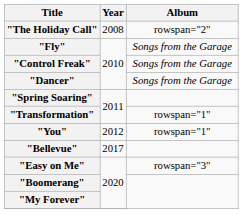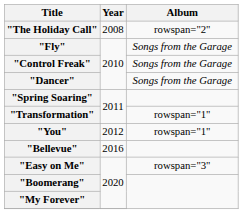 <table class="wikitable plainrowheaders" style="text-align: center">
 <tr>
 <th scope="col">Title</th>
 <th scope="col">Year</th>
 <th scope="col" style="width:160px;">Album</th>
 </tr>
 <tr>
 <th scope="row">"The Holiday Call"</th>
 <td>2008</td>
 <td>rowspan="2" </td>
 </tr>
 <tr>
 <th scope="row">"Fly"</th>
 <td rowspan="3">2010</td>
 <td rowspan="1"><em>Songs from the Garage</em></td>
 </tr>
 <tr>
 <th scope="row">"Control Freak"<br></th>
 <td rowspan="1"><em>Songs from the Garage</em></td>
 </tr>
 <tr>
 <th scope="row">"Dancer"</th>
 <td rowspan="1"><em>Songs from the Garage</em></td>
 </tr>
 <tr>
 <th scope="row">"Spring Soaring"</th>
 <td rowspan="2">2011</td>
 <td></td>
 </tr>
 <tr>
 <th scope="row">"Transformation"</th>
 <td>rowspan="1" </td>
 </tr>
 <tr>
 <th scope="row">"You"</th>
 <td>2012</td>
 <td>rowspan="1" </td>
 </tr>
 <tr>
 <th scope="row">"Bellevue"</th>
-<td>2017</td>
+<td>2016</td>
 </tr>
 <tr>
 <th scope="row">"Easy on Me"</th>
 <td rowspan="3">2020</td>
 <td>rowspan="3" </td>
 </tr>
 <tr>
 <th scope="row">"Boomerang"</th>
 </tr>
 <tr>
 <th scope="row">"My Forever"<br></th>
 </tr>
 <tr>
 </tr>
 </table>
